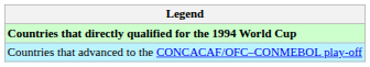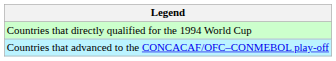 <table class="wikitable">
 <tr>
 <th>Legend</th>
 </tr>
 <tr bgcolor="#ccffcc">
-<td><strong>Countries that directly qualified for the 1994 World Cup</strong></td>
+<td>Countries that directly qualified for the 1994 World Cup</td>
 </tr>
 <tr bgcolor="#BBF3FF">
 <td>Countries that advanced to the <a href='#'>CONCACAF/OFC–CONMEBOL play-off</a></td>
 </tr>
 </table>
